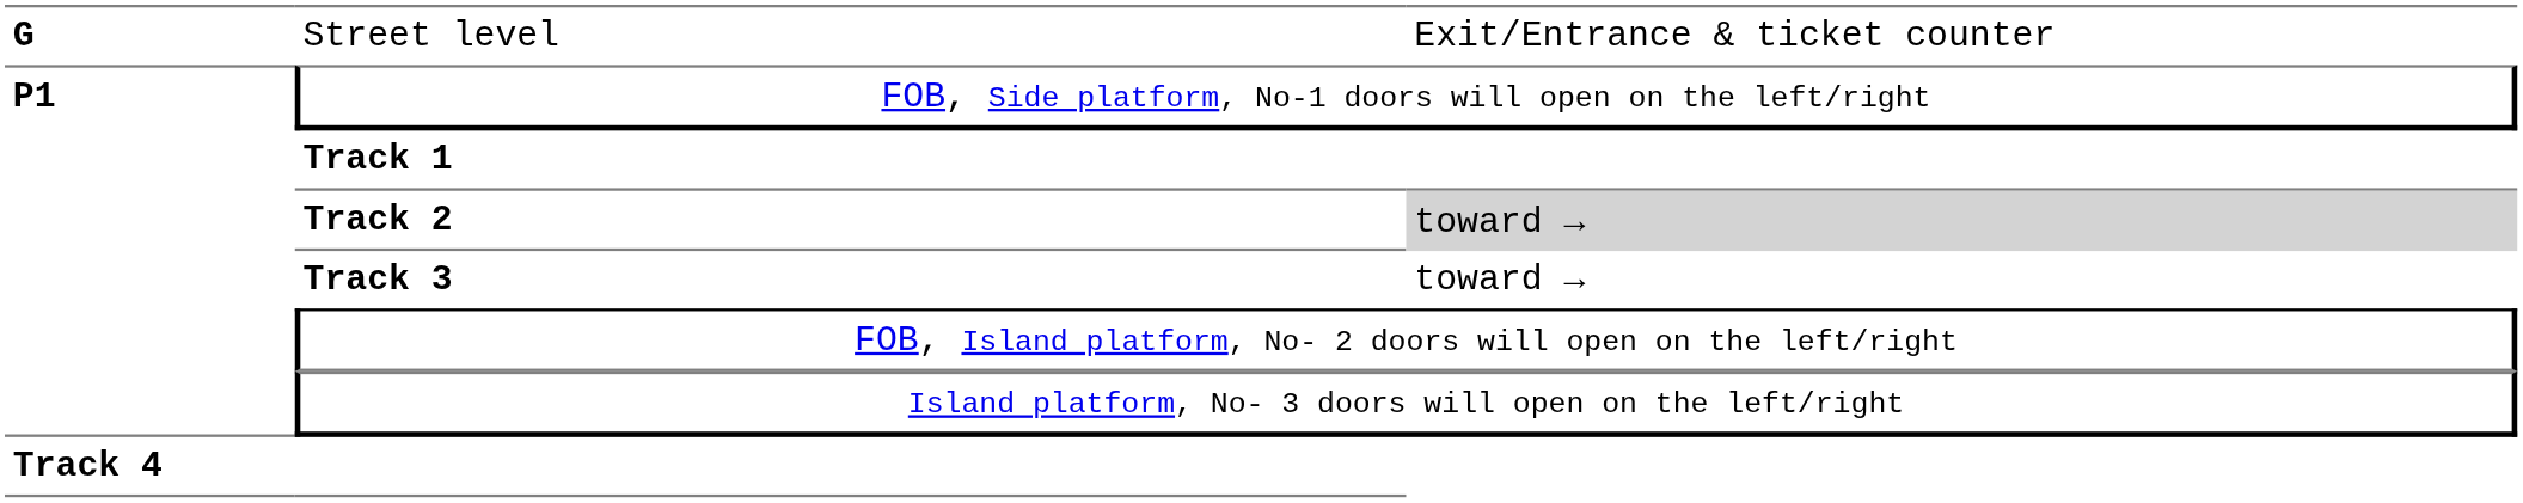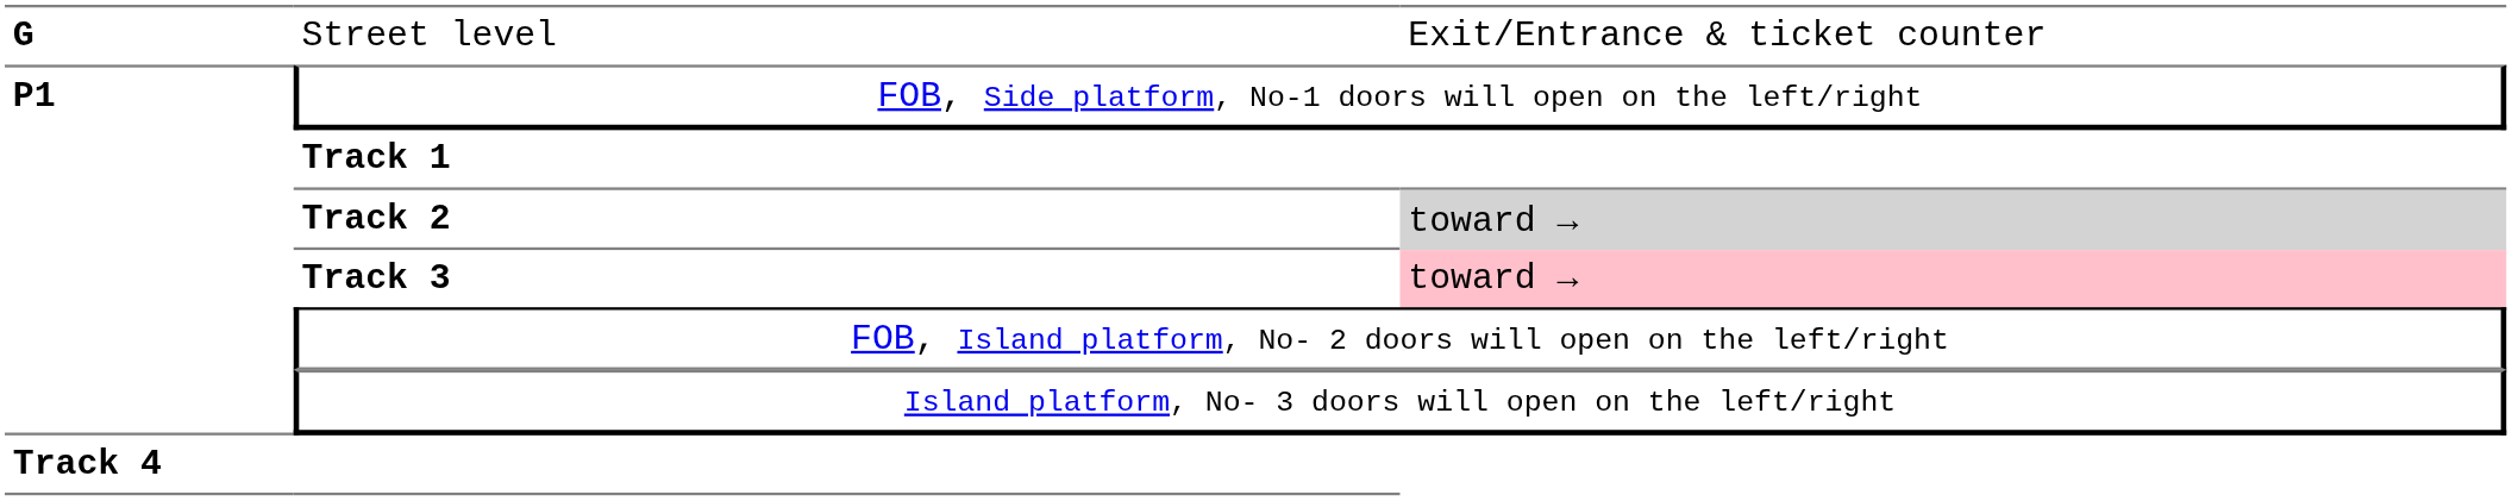 <table table border=0 cellspacing=0 cellpadding=3>
 <tr>
 <td style="border-top:solid 1px gray;" width=50 valign=top><strong>G</strong></td>
 <td style="border-top:solid 1px gray;" width=100 valign=top>Street level</td>
 <td style="border-top:solid 1px gray;" width=400 valign=top>Exit/Entrance & ticket counter</td>
 </tr>
 <tr>
 <td style="border-top:solid 1px gray;border-bottom:solid 1px gray;" width=50 rowspan=6 valign=top><strong>P1</strong></td>
 <td style="border-top:solid 1px gray;border-right:solid 2px black;border-left:solid 2px black;border-bottom:solid 2px black;text-align:center;" colspan=2><a href='#'>FOB</a>, <small><a href='#'>Side platform</a>, No-1 doors will open on the left/right</small></td>
 </tr>
 <tr>
 <td style="border-bottom:solid 1px gray;" width=100><strong>Track 1</strong></td>
 <td style="border-bottom:solid 1px gray;" width=400></td>
 </tr>
 <tr>
 <td style="border-bottom:solid 1px gray;" width=100><strong>Track 2</strong></td>
 <td style="background: lightgrey;">  toward →</td>
 </tr>
 <tr>
 <td><strong>Track 3</strong></td>
-<td>  toward →</td>
+<td style="background: pink;">  toward →</td>
 </tr>
 <tr>
 <td style="border-top:solid 1px black;border-right:solid 2px black;border-left:solid 2px black;border-bottom:solid 1px gray;text-align:center;" colspan=2><a href='#'>FOB</a>, <small><a href='#'>Island platform</a>, No- 2 doors will open on the left/right </small></td>
 </tr>
 <tr>
 <td style="border-top:solid 1px gray;border-right:solid 2px black;border-left:solid 2px black;border-bottom:solid 2px black;text-align:center;" colspan=2><small><a href='#'>Island platform</a>, No- 3 doors will open on the left/right</small></td>
 </tr>
 <tr>
 <td style="border-bottom:solid 1px gray;" width=100><strong>Track 4</strong></td>
 <td style="border-bottom:solid 1px gray;" width=400></td>
 </tr>
 </table>
